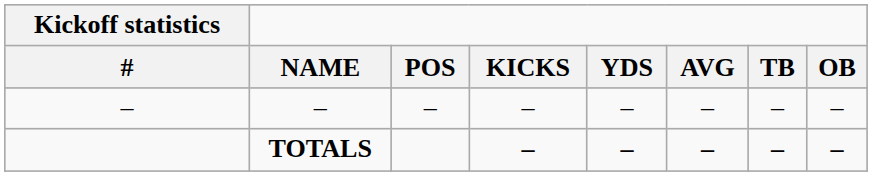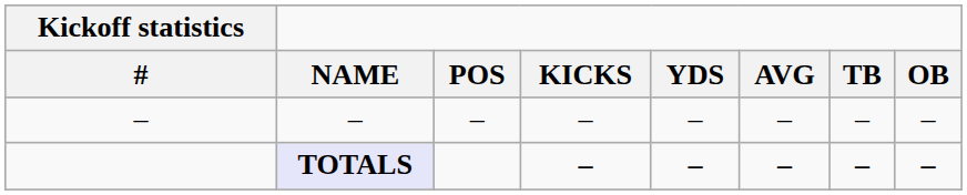 <table style="width:60%; text-align:center;" class="wikitable collapsible collapsed">
 <tr>
 <th style="text-align:center; ">Kickoff statistics</th>
 </tr>
 <tr>
 <th>#</th>
 <th>NAME</th>
 <th>POS</th>
 <th>KICKS</th>
 <th>YDS</th>
 <th>AVG</th>
 <th>TB</th>
 <th>OB</th>
 </tr>
 <tr>
 <td>–</td>
 <td>–</td>
 <td>–</td>
 <td>–</td>
 <td>–</td>
 <td>–</td>
 <td>–</td>
 <td>–</td>
 </tr>
 <tr>
 <td></td>
-<td><strong>TOTALS</strong></td>
+<td style="background: lavender;"><strong>TOTALS</strong></td>
 <td></td>
 <td><strong>–</strong></td>
 <td><strong>–</strong></td>
 <td><strong>–</strong></td>
 <td><strong>–</strong></td>
 <td><strong>–</strong></td>
 </tr>
 </table>
